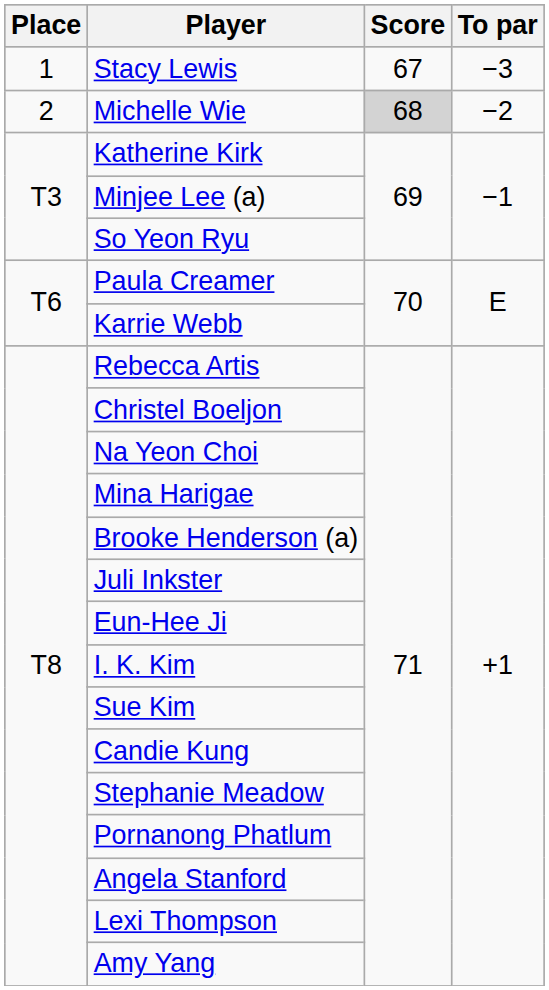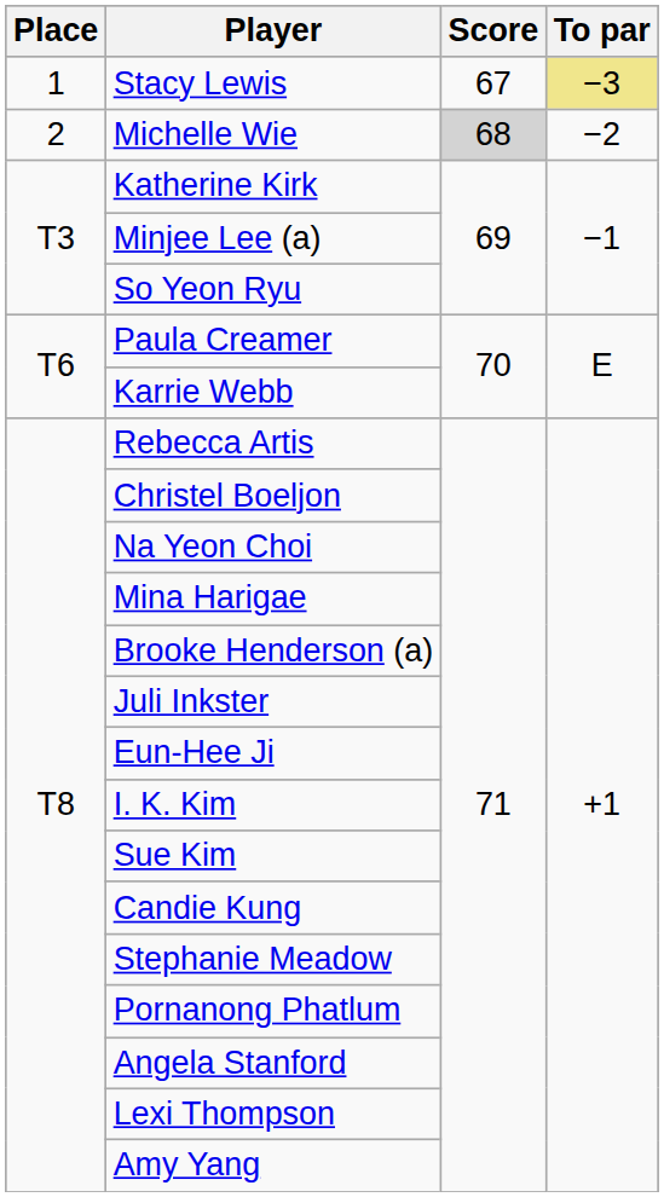 <table class="wikitable">
 <tr>
 <th>Place</th>
 <th>Player</th>
 <th>Score</th>
 <th>To par</th>
 </tr>
 <tr>
 <td align=center>1</td>
 <td> <a href='#'>Stacy Lewis</a></td>
 <td align=center>67</td>
-<td align=center>−3</td>
+<td align=center style="background: khaki;">−3</td>
 </tr>
 <tr>
 <td align=center>2</td>
 <td> <a href='#'>Michelle Wie</a></td>
 <td align=center style="background: lightgrey;">68</td>
 <td align=center>−2</td>
 </tr>
 <tr>
 <td rowspan=3 align=center>T3</td>
 <td> <a href='#'>Katherine Kirk</a></td>
 <td rowspan=3 align=center>69</td>
 <td rowspan=3 align=center>−1</td>
 </tr>
 <tr>
 <td> <a href='#'>Minjee Lee</a> (a)</td>
 </tr>
 <tr>
 <td> <a href='#'>So Yeon Ryu</a></td>
 </tr>
 <tr>
 <td rowspan=2 align=center>T6</td>
 <td> <a href='#'>Paula Creamer</a></td>
 <td rowspan=2 align=center>70</td>
 <td rowspan=2 align=center>E</td>
 </tr>
 <tr>
 <td> <a href='#'>Karrie Webb</a></td>
 </tr>
 <tr>
 <td rowspan=15 align=center>T8</td>
 <td> <a href='#'>Rebecca Artis</a></td>
 <td rowspan=15 align=center>71</td>
 <td rowspan=15 align=center>+1</td>
 </tr>
 <tr>
 <td> <a href='#'>Christel Boeljon</a></td>
 </tr>
 <tr>
 <td> <a href='#'>Na Yeon Choi</a></td>
 </tr>
 <tr>
 <td> <a href='#'>Mina Harigae</a></td>
 </tr>
 <tr>
 <td> <a href='#'>Brooke Henderson</a> (a)</td>
 </tr>
 <tr>
 <td> <a href='#'>Juli Inkster</a></td>
 </tr>
 <tr>
 <td> <a href='#'>Eun-Hee Ji</a></td>
 </tr>
 <tr>
 <td> <a href='#'>I. K. Kim</a></td>
 </tr>
 <tr>
 <td> <a href='#'>Sue Kim</a></td>
 </tr>
 <tr>
 <td> <a href='#'>Candie Kung</a></td>
 </tr>
 <tr>
 <td> <a href='#'>Stephanie Meadow</a></td>
 </tr>
 <tr>
 <td> <a href='#'>Pornanong Phatlum</a></td>
 </tr>
 <tr>
 <td> <a href='#'>Angela Stanford</a></td>
 </tr>
 <tr>
 <td> <a href='#'>Lexi Thompson</a></td>
 </tr>
 <tr>
 <td> <a href='#'>Amy Yang</a></td>
 </tr>
 </table>
